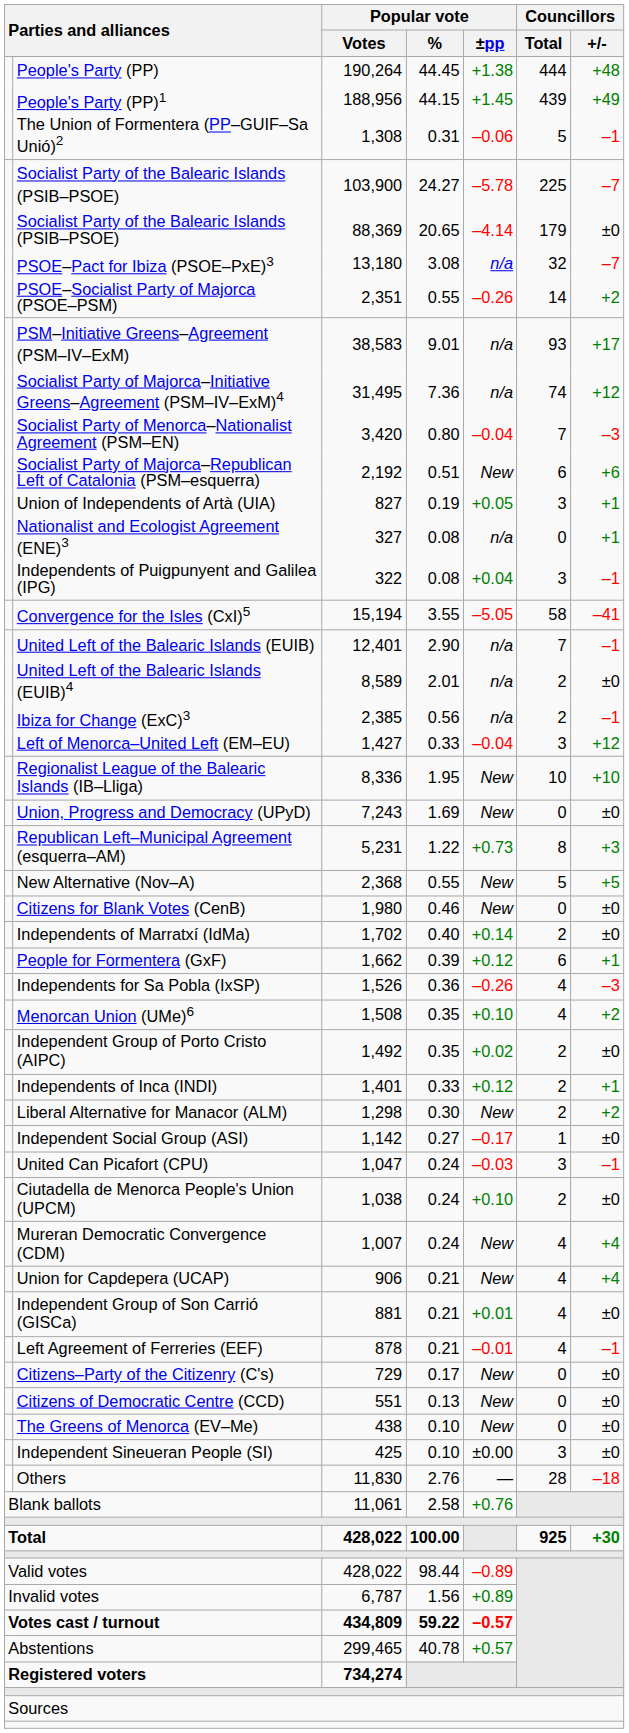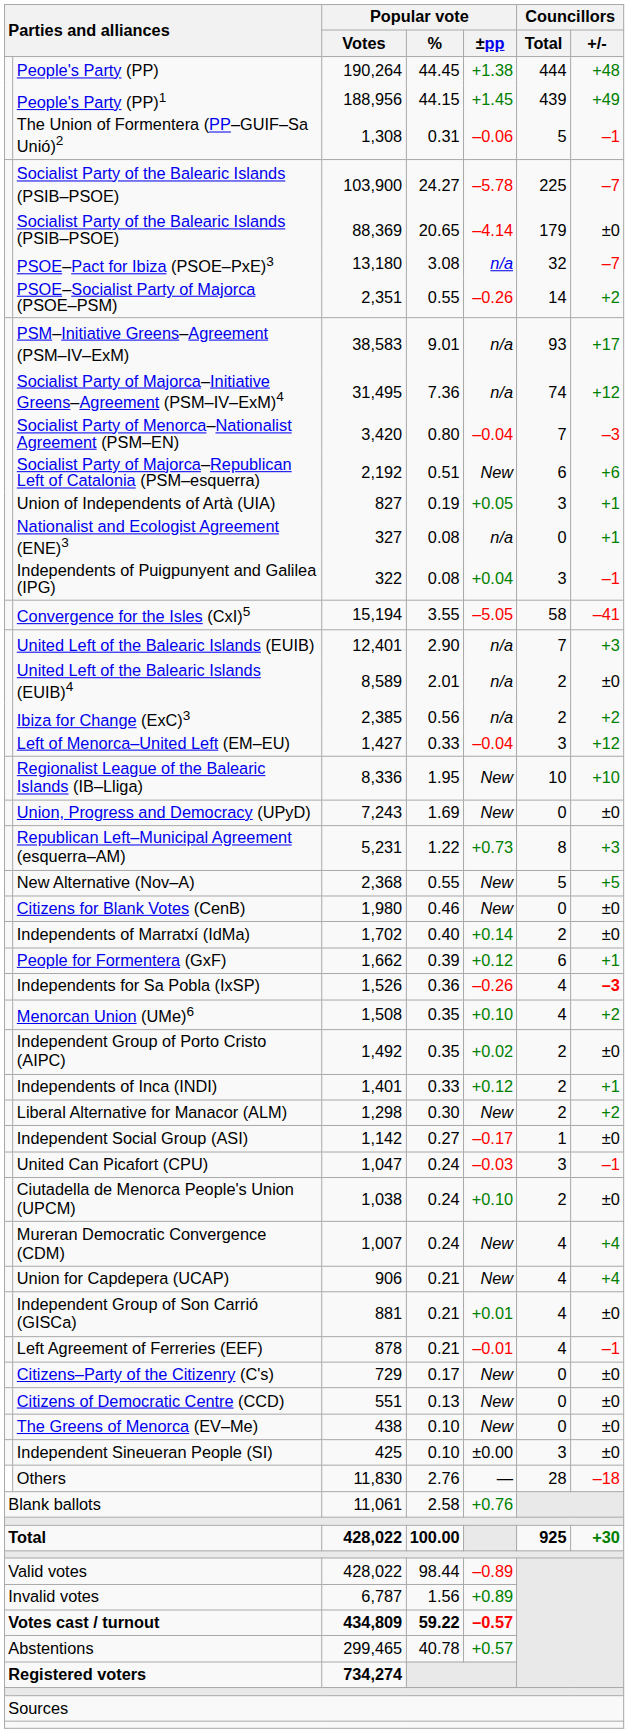 <table class="wikitable" style="text-align:right;">
 <tr>
 <th style="text-align:left;" rowspan="2" colspan="2" width="525">Parties and alliances</th>
 <th colspan="3">Popular vote</th>
 <th colspan="2">Councillors</th>
 </tr>
 <tr>
 <th width="75">Votes</th>
 <th width="45">%</th>
 <th width="45">±<a href='#'>pp</a></th>
 <th width="45">Total</th>
 <th width="45">+/-</th>
 </tr>
 <tr style="line-height:22px;">
 <td width="1" rowspan="3"></td>
 <td align="left"><a href='#'>People's Party</a> (PP)</td>
 <td>190,264</td>
 <td>44.45</td>
 <td style="color:green;">+1.38</td>
 <td>444</td>
 <td style="color:green;">+48</td>
 </tr>
 <tr style="border-bottom-style:hidden; border-top-style:hidden; line-height:16px;">
 <td align="left"><span><a href='#'>People's Party</a> (PP)<sup>1</sup></span></td>
 <td>188,956</td>
 <td>44.15</td>
 <td style="color:green;">+1.45</td>
 <td>439</td>
 <td style="color:green;">+49</td>
 </tr>
 <tr style="line-height:16px;">
 <td align="left"><span>The Union of Formentera (<a href='#'>PP</a>–GUIF–Sa Unió)<sup>2</sup></span></td>
 <td>1,308</td>
 <td>0.31</td>
 <td style="color:red;">–0.06</td>
 <td>5</td>
 <td style="color:red;">–1</td>
 </tr>
 <tr style="line-height:22px;">
 <td rowspan="4" style="color:inherit;background:"></td>
 <td align="left"><a href='#'>Socialist Party of the Balearic Islands</a> (PSIB–PSOE)</td>
 <td>103,900</td>
 <td>24.27</td>
 <td style="color:red;">–5.78</td>
 <td>225</td>
 <td style="color:red;">–7</td>
 </tr>
 <tr style="border-bottom-style:hidden; border-top-style:hidden; line-height:16px;">
 <td align="left"><span><a href='#'>Socialist Party of the Balearic Islands</a> (PSIB–PSOE)</span></td>
 <td>88,369</td>
 <td>20.65</td>
 <td style="color:red;">–4.14</td>
 <td>179</td>
 <td>±0</td>
 </tr>
 <tr style="border-bottom-style:hidden; line-height:16px;">
 <td align="left"><span><a href='#'>PSOE</a>–<a href='#'>Pact for Ibiza</a> (PSOE–PxE)<sup>3</sup></span></td>
 <td>13,180</td>
 <td>3.08</td>
 <td style="color:red;"><em><a href='#'>n/a</a></em></td>
 <td>32</td>
 <td style="color:red;">–7</td>
 </tr>
 <tr style="line-height:16px;">
 <td align="left"><span><a href='#'>PSOE</a>–<a href='#'>Socialist Party of Majorca</a> (PSOE–PSM)</span></td>
 <td>2,351</td>
 <td>0.55</td>
 <td style="color:red;">–0.26</td>
 <td>14</td>
 <td style="color:green;">+2</td>
 </tr>
 <tr style="line-height:22px;">
 <td rowspan="7" style="color:inherit;background:"></td>
 <td align="left"><a href='#'>PSM</a>–<a href='#'>Initiative Greens</a>–<a href='#'>Agreement</a> (PSM–IV–ExM)</td>
 <td>38,583</td>
 <td>9.01</td>
 <td><em>n/a</em></td>
 <td>93</td>
 <td style="color:green;">+17</td>
 </tr>
 <tr style="border-bottom-style:hidden; border-top-style:hidden; line-height:16px;">
 <td align="left"><span><a href='#'>Socialist Party of Majorca</a>–<a href='#'>Initiative Greens</a>–<a href='#'>Agreement</a> (PSM–IV–ExM)<sup>4</sup></span></td>
 <td>31,495</td>
 <td>7.36</td>
 <td><em>n/a</em></td>
 <td>74</td>
 <td style="color:green;">+12</td>
 </tr>
 <tr style="border-bottom-style:hidden; line-height:16px;">
 <td align="left"><span><a href='#'>Socialist Party of Menorca</a>–<a href='#'>Nationalist Agreement</a> (PSM–EN)</span></td>
 <td>3,420</td>
 <td>0.80</td>
 <td style="color:red;">–0.04</td>
 <td>7</td>
 <td style="color:red;">–3</td>
 </tr>
 <tr style="border-bottom-style:hidden; line-height:16px;">
 <td align="left"><span><a href='#'>Socialist Party of Majorca</a>–<a href='#'>Republican Left of Catalonia</a> (PSM–esquerra)</span></td>
 <td>2,192</td>
 <td>0.51</td>
 <td><em>New</em></td>
 <td>6</td>
 <td style="color:green;">+6</td>
 </tr>
 <tr style="border-bottom-style:hidden; line-height:16px;">
 <td align="left"><span>Union of Independents of Artà (UIA)</span></td>
 <td>827</td>
 <td>0.19</td>
 <td style="color:green;">+0.05</td>
 <td>3</td>
 <td style="color:green;">+1</td>
 </tr>
 <tr style="border-bottom-style:hidden; line-height:16px;">
 <td align="left"><span><a href='#'>Nationalist and Ecologist Agreement</a> (ENE)<sup>3</sup></span></td>
 <td>327</td>
 <td>0.08</td>
 <td><em>n/a</em></td>
 <td>0</td>
 <td style="color:green;">+1</td>
 </tr>
 <tr style="line-height:16px;">
 <td align="left"><span>Independents of Puigpunyent and Galilea (IPG)</span></td>
 <td>322</td>
 <td>0.08</td>
 <td style="color:green;">+0.04</td>
 <td>3</td>
 <td style="color:red;">–1</td>
 </tr>
 <tr>
 <td style="color:inherit;background:"></td>
 <td align="left"><a href='#'>Convergence for the Isles</a> (CxI)<sup>5</sup></td>
 <td>15,194</td>
 <td>3.55</td>
 <td style="color:red;">–5.05</td>
 <td>58</td>
 <td style="color:red;">–41</td>
 </tr>
 <tr style="line-height:22px;">
 <td rowspan="4" style="color:inherit;background:"></td>
 <td align="left"><a href='#'>United Left of the Balearic Islands</a> (EUIB)</td>
 <td>12,401</td>
 <td>2.90</td>
 <td><em>n/a</em></td>
 <td>7</td>
-<td style="color:red;">–1</td>
+<td style="color:green;">+3</td>
 </tr>
 <tr style="border-bottom-style:hidden; border-top-style:hidden; line-height:16px;">
 <td align="left"><span><a href='#'>United Left of the Balearic Islands</a> (EUIB)<sup>4</sup></span></td>
 <td>8,589</td>
 <td>2.01</td>
 <td><em>n/a</em></td>
 <td>2</td>
 <td>±0</td>
 </tr>
 <tr style="border-bottom-style:hidden; line-height:16px;">
 <td align="left"><span><a href='#'>Ibiza for Change</a> (ExC)<sup>3</sup></span></td>
 <td>2,385</td>
 <td>0.56</td>
 <td><em>n/a</em></td>
 <td>2</td>
-<td style="color:red;">–1</td>
+<td style="color:green;">+2</td>
 </tr>
 <tr style="line-height:16px;">
 <td align="left"><span><a href='#'>Left of Menorca–United Left</a> (EM–EU)</span></td>
 <td>1,427</td>
 <td>0.33</td>
 <td style="color:red;">–0.04</td>
 <td>3</td>
 <td style="color:green;">+12</td>
 </tr>
 <tr>
 <td style="color:inherit;background:"></td>
 <td align="left"><a href='#'>Regionalist League of the Balearic Islands</a> (IB–Lliga)</td>
 <td>8,336</td>
 <td>1.95</td>
 <td><em>New</em></td>
 <td>10</td>
 <td style="color:green;">+10</td>
 </tr>
 <tr>
 <td style="color:inherit;background:"></td>
 <td align="left"><a href='#'>Union, Progress and Democracy</a> (UPyD)</td>
 <td>7,243</td>
 <td>1.69</td>
 <td><em>New</em></td>
 <td>0</td>
 <td>±0</td>
 </tr>
 <tr>
 <td style="color:inherit;background:"></td>
 <td align="left"><a href='#'>Republican Left–Municipal Agreement</a> (esquerra–AM)</td>
 <td>5,231</td>
 <td>1.22</td>
 <td style="color:green;">+0.73</td>
 <td>8</td>
 <td style="color:green;">+3</td>
 </tr>
 <tr>
 <td style="color:inherit;background:"></td>
 <td align="left">New Alternative (Nov–A)</td>
 <td>2,368</td>
 <td>0.55</td>
 <td><em>New</em></td>
 <td>5</td>
 <td style="color:green;">+5</td>
 </tr>
 <tr>
 <td style="color:inherit;background:"></td>
 <td align="left"><a href='#'>Citizens for Blank Votes</a> (CenB)</td>
 <td>1,980</td>
 <td>0.46</td>
 <td><em>New</em></td>
 <td>0</td>
 <td>±0</td>
 </tr>
 <tr>
 <td style="color:inherit;background:"></td>
 <td align="left">Independents of Marratxí (IdMa)</td>
 <td>1,702</td>
 <td>0.40</td>
 <td style="color:green;">+0.14</td>
 <td>2</td>
 <td>±0</td>
 </tr>
 <tr>
 <td style="color:inherit;background:"></td>
 <td align="left"><a href='#'>People for Formentera</a> (GxF)</td>
 <td>1,662</td>
 <td>0.39</td>
 <td style="color:green;">+0.12</td>
 <td>6</td>
 <td style="color:green;">+1</td>
 </tr>
 <tr>
 <td style="color:inherit;background:"></td>
 <td align="left">Independents for Sa Pobla (IxSP)</td>
 <td>1,526</td>
 <td>0.36</td>
 <td style="color:red;">–0.26</td>
 <td>4</td>
-<td style="color:red;">–3</td>
+<td style="color:red;"><strong>–3</strong></td>
 </tr>
 <tr>
 <td style="color:inherit;background:"></td>
 <td align="left"><a href='#'>Menorcan Union</a> (UMe)<sup>6</sup></td>
 <td>1,508</td>
 <td>0.35</td>
 <td style="color:green;">+0.10</td>
 <td>4</td>
 <td style="color:green;">+2</td>
 </tr>
 <tr>
 <td style="color:inherit;background:"></td>
 <td align="left">Independent Group of Porto Cristo (AIPC)</td>
 <td>1,492</td>
 <td>0.35</td>
 <td style="color:green;">+0.02</td>
 <td>2</td>
 <td>±0</td>
 </tr>
 <tr>
 <td style="color:inherit;background:"></td>
 <td align="left">Independents of Inca (INDI)</td>
 <td>1,401</td>
 <td>0.33</td>
 <td style="color:green;">+0.12</td>
 <td>2</td>
 <td style="color:green;">+1</td>
 </tr>
 <tr>
 <td style="color:inherit;background:"></td>
 <td align="left">Liberal Alternative for Manacor (ALM)</td>
 <td>1,298</td>
 <td>0.30</td>
 <td><em>New</em></td>
 <td>2</td>
 <td style="color:green;">+2</td>
 </tr>
 <tr>
 <td style="color:inherit;background:"></td>
 <td align="left">Independent Social Group (ASI)</td>
 <td>1,142</td>
 <td>0.27</td>
 <td style="color:red;">–0.17</td>
 <td>1</td>
 <td>±0</td>
 </tr>
 <tr>
 <td style="color:inherit;background:"></td>
 <td align="left">United Can Picafort (CPU)</td>
 <td>1,047</td>
 <td>0.24</td>
 <td style="color:red;">–0.03</td>
 <td>3</td>
 <td style="color:red;">–1</td>
 </tr>
 <tr>
 <td style="color:inherit;background:"></td>
 <td align="left">Ciutadella de Menorca People's Union (UPCM)</td>
 <td>1,038</td>
 <td>0.24</td>
 <td style="color:green;">+0.10</td>
 <td>2</td>
 <td>±0</td>
 </tr>
 <tr>
 <td style="color:inherit;background:"></td>
 <td align="left">Mureran Democratic Convergence (CDM)</td>
 <td>1,007</td>
 <td>0.24</td>
 <td><em>New</em></td>
 <td>4</td>
 <td style="color:green;">+4</td>
 </tr>
 <tr>
 <td style="color:inherit;background:"></td>
 <td align="left">Union for Capdepera (UCAP)</td>
 <td>906</td>
 <td>0.21</td>
 <td><em>New</em></td>
 <td>4</td>
 <td style="color:green;">+4</td>
 </tr>
 <tr>
 <td style="color:inherit;background:"></td>
 <td align="left">Independent Group of Son Carrió (GISCa)</td>
 <td>881</td>
 <td>0.21</td>
 <td style="color:green;">+0.01</td>
 <td>4</td>
 <td>±0</td>
 </tr>
 <tr>
 <td style="color:inherit;background:"></td>
 <td align="left">Left Agreement of Ferreries (EEF)</td>
 <td>878</td>
 <td>0.21</td>
 <td style="color:red;">–0.01</td>
 <td>4</td>
 <td style="color:red;">–1</td>
 </tr>
 <tr>
 <td style="color:inherit;background:"></td>
 <td align="left"><a href='#'>Citizens–Party of the Citizenry</a> (C's)</td>
 <td>729</td>
 <td>0.17</td>
 <td><em>New</em></td>
 <td>0</td>
 <td>±0</td>
 </tr>
 <tr>
 <td style="color:inherit;background:"></td>
 <td align="left"><a href='#'>Citizens of Democratic Centre</a> (CCD)</td>
 <td>551</td>
 <td>0.13</td>
 <td><em>New</em></td>
 <td>0</td>
 <td>±0</td>
 </tr>
 <tr>
 <td style="color:inherit;background:"></td>
 <td align="left"><a href='#'>The Greens of Menorca</a> (EV–Me)</td>
 <td>438</td>
 <td>0.10</td>
 <td><em>New</em></td>
 <td>0</td>
 <td>±0</td>
 </tr>
 <tr>
 <td style="color:inherit;background:"></td>
 <td align="left">Independent Sineueran People (SI)</td>
 <td>425</td>
 <td>0.10</td>
 <td>±0.00</td>
 <td>3</td>
 <td>±0</td>
 </tr>
 <tr>
 <td bgcolor="white"></td>
 <td align="left">Others</td>
 <td>11,830</td>
 <td>2.76</td>
 <td>—</td>
 <td>28</td>
 <td style="color:red;">–18</td>
 </tr>
 <tr>
 <td align="left" colspan="2">Blank ballots</td>
 <td>11,061</td>
 <td>2.58</td>
 <td style="color:green;">+0.76</td>
 <td style="color:inherit;background:#E9E9E9" colspan="2"></td>
 </tr>
 <tr>
 <td colspan="7" style="color:inherit;background:#E9E9E9"></td>
 </tr>
 <tr style="font-weight:bold;">
 <td align="left" colspan="2">Total</td>
 <td>428,022</td>
 <td>100.00</td>
 <td bgcolor="#E9E9E9"></td>
 <td>925</td>
 <td style="color:green;">+30</td>
 </tr>
 <tr>
 <td colspan="7" style="color:inherit;background:#E9E9E9"></td>
 </tr>
 <tr>
 <td align="left" colspan="2">Valid votes</td>
 <td>428,022</td>
 <td>98.44</td>
 <td style="color:red;">–0.89</td>
 <td bgcolor="#E9E9E9" colspan="2" rowspan="5"></td>
 </tr>
 <tr>
 <td align="left" colspan="2">Invalid votes</td>
 <td>6,787</td>
 <td>1.56</td>
 <td style="color:green;">+0.89</td>
 </tr>
 <tr style="font-weight:bold;">
 <td align="left" colspan="2">Votes cast / turnout</td>
 <td>434,809</td>
 <td>59.22</td>
 <td style="color:red;">–0.57</td>
 </tr>
 <tr>
 <td align="left" colspan="2">Abstentions</td>
 <td>299,465</td>
 <td>40.78</td>
 <td style="color:green;">+0.57</td>
 </tr>
 <tr style="font-weight:bold;">
 <td align="left" colspan="2">Registered voters</td>
 <td>734,274</td>
 <td bgcolor="#E9E9E9" colspan="2"></td>
 </tr>
 <tr>
 <td colspan="7" style="color:inherit;background:#E9E9E9"></td>
 </tr>
 <tr>
 <td align="left" colspan="7">Sources</td>
 </tr>
 <tr>
 <td colspan="7" style="text-align:left; max-width:790px;"></td>
 </tr>
 </table>
